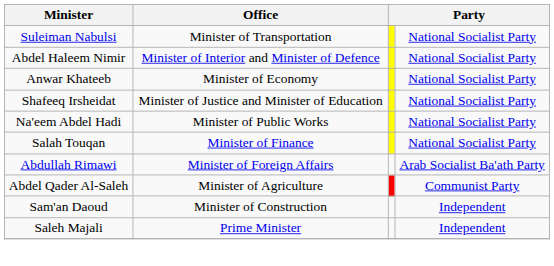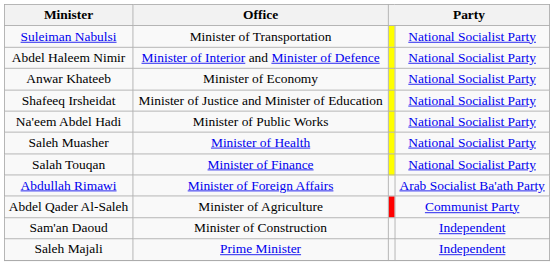 <table class="wikitable" style="text-align: center; width:650px; height: 200px;">
 <tr>
 <th scope="col">Minister</th>
 <th scope="col">Office</th>
 <th colspan=2>Party</th>
 </tr>
 <tr>
 <td><a href='#'>Suleiman Nabulsi</a></td>
 <td>Minister of Transportation</td>
 <td style="background-color:Yellow"></td>
 <td><a href='#'>National Socialist Party</a></td>
 </tr>
 <tr>
 <td>Abdel Haleem Nimir</td>
 <td><a href='#'>Minister of Interior</a> and <a href='#'>Minister of Defence</a></td>
 <td style="background-color:Yellow"></td>
 <td><a href='#'>National Socialist Party</a></td>
 </tr>
 <tr>
 <td>Anwar Khateeb</td>
 <td>Minister of Economy</td>
 <td style="background-color:Yellow"></td>
 <td><a href='#'>National Socialist Party</a></td>
 </tr>
 <tr>
 <td>Shafeeq Irsheidat</td>
 <td>Minister of Justice and Minister of Education</td>
 <td style="background-color:Yellow"></td>
 <td><a href='#'>National Socialist Party</a></td>
 </tr>
 <tr>
 <td>Na'eem Abdel Hadi</td>
 <td>Minister of Public Works</td>
 <td style="background-color:Yellow"></td>
 <td><a href='#'>National Socialist Party</a></td>
 </tr>
 <tr>
+<td>Saleh Muasher</td>
+<td><a href='#'>Minister of Health</a></td>
+<td style="background-color:Yellow"></td>
+<td><a href='#'>National Socialist Party</a></td>
+</tr>
+<tr>
 <td>Salah Touqan</td>
 <td><a href='#'>Minister of Finance</a></td>
 <td style="background-color:Yellow"></td>
 <td><a href='#'>National Socialist Party</a></td>
 </tr>
 <tr>
 <td><a href='#'>Abdullah Rimawi</a></td>
 <td><a href='#'>Minister of Foreign Affairs</a></td>
 <td style="background-color:"></td>
 <td><a href='#'>Arab Socialist Ba'ath Party</a></td>
 </tr>
 <tr>
 <td>Abdel Qader Al-Saleh</td>
 <td>Minister of Agriculture</td>
 <td style="background-color:Red"></td>
 <td><a href='#'>Communist Party</a></td>
 </tr>
 <tr>
 <td>Sam'an Daoud</td>
 <td>Minister of Construction</td>
 <td></td>
 <td><a href='#'>Independent</a></td>
 </tr>
 <tr>
 <td>Saleh Majali</td>
 <td><a href='#'>Prime Minister</a></td>
 <td></td>
 <td><a href='#'>Independent</a></td>
 </tr>
 <tr>
 </tr>
 </table>
